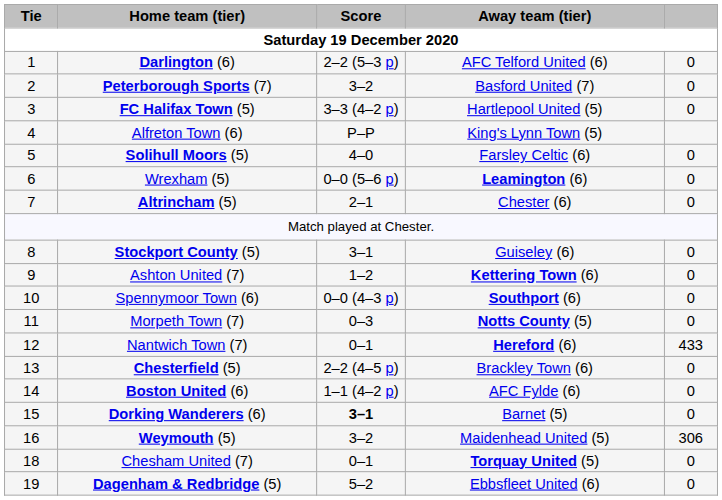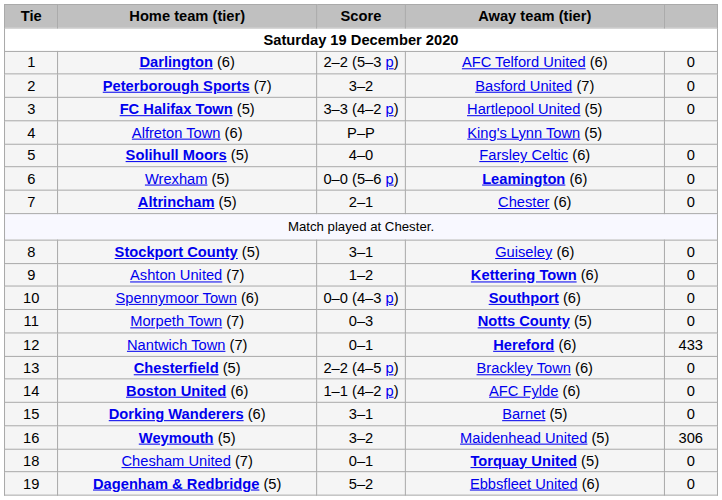 <table class="wikitable" style="width: 700px; background:WhiteSmoke; text-align:center; font-size:90%">
 <tr>
 <td scope="col" style="width:  7.50%; background:silver;"><strong>Tie</strong></td>
 <td scope="col" style="width: 36.25%; background:silver;"><strong>Home team (tier)</strong></td>
 <td scope="col" style="width: 12.50%; background:silver;"><strong>Score</strong></td>
 <td scope="col" style="width: 36.25%; background:silver;"><strong>Away team (tier)</strong></td>
 <td scope="col" style="width:  7.50%; background:silver;"><strong></strong></td>
 </tr>
 <tr>
 <td colspan="5" style= background:White><strong>Saturday 19 December 2020</strong></td>
 </tr>
 <tr>
 <td>1</td>
 <td><strong><a href='#'>Darlington</a></strong> (6)</td>
 <td>2–2 (5–3 <a href='#'>p</a>)</td>
 <td><a href='#'>AFC Telford United</a> (6)</td>
 <td>0</td>
 </tr>
 <tr>
 <td>2</td>
 <td><strong><a href='#'>Peterborough Sports</a></strong> (7)</td>
 <td>3–2</td>
 <td><a href='#'>Basford United</a> (7)</td>
 <td>0</td>
 </tr>
 <tr>
 <td>3</td>
 <td><strong><a href='#'>FC Halifax Town</a></strong> (5)</td>
 <td>3–3 (4–2 <a href='#'>p</a>)</td>
 <td><a href='#'>Hartlepool United</a> (5)</td>
 <td>0</td>
 </tr>
 <tr>
 <td>4</td>
 <td><a href='#'>Alfreton Town</a> (6)</td>
 <td>P–P</td>
 <td><a href='#'>King's Lynn Town</a> (5)</td>
 <td></td>
 </tr>
 <tr>
 <td>5</td>
 <td><strong><a href='#'>Solihull Moors</a></strong> (5)</td>
 <td>4–0</td>
 <td><a href='#'>Farsley Celtic</a> (6)</td>
 <td>0</td>
 </tr>
 <tr>
 <td>6</td>
 <td><a href='#'>Wrexham</a> (5)</td>
 <td>0–0 (5–6 <a href='#'>p</a>)</td>
 <td><strong><a href='#'>Leamington</a></strong> (6)</td>
 <td>0</td>
 </tr>
 <tr>
 <td>7</td>
 <td><strong><a href='#'>Altrincham</a></strong> (5)</td>
 <td>2–1</td>
 <td><a href='#'>Chester</a> (6)</td>
 <td>0</td>
 </tr>
 <tr>
 <td colspan="5" style="background:GhostWhite; height:20px; text-align:center; font-size:90%">Match played at Chester.</td>
 </tr>
 <tr>
 <td>8</td>
 <td><strong><a href='#'>Stockport County</a></strong> (5)</td>
 <td>3–1</td>
 <td><a href='#'>Guiseley</a> (6)</td>
 <td>0</td>
 </tr>
 <tr>
 <td>9</td>
 <td><a href='#'>Ashton United</a> (7)</td>
 <td>1–2</td>
 <td><strong><a href='#'>Kettering Town</a></strong> (6)</td>
 <td>0</td>
 </tr>
 <tr>
 <td>10</td>
 <td><a href='#'>Spennymoor Town</a> (6)</td>
 <td>0–0 (4–3 <a href='#'>p</a>)</td>
 <td><strong><a href='#'>Southport</a></strong> (6)</td>
 <td>0</td>
 </tr>
 <tr>
 <td>11</td>
 <td><a href='#'>Morpeth Town</a> (7)</td>
 <td>0–3</td>
 <td><strong><a href='#'>Notts County</a></strong> (5)</td>
 <td>0</td>
 </tr>
 <tr>
 <td>12</td>
 <td><a href='#'>Nantwich Town</a> (7)</td>
 <td>0–1</td>
 <td><strong><a href='#'>Hereford</a></strong> (6)</td>
 <td>433</td>
 </tr>
 <tr>
 <td>13</td>
 <td><strong><a href='#'>Chesterfield</a></strong> (5)</td>
 <td>2–2 (4–5 <a href='#'>p</a>)</td>
 <td><a href='#'>Brackley Town</a> (6)</td>
 <td>0</td>
 </tr>
 <tr>
 <td>14</td>
 <td><strong><a href='#'>Boston United</a></strong> (6)</td>
 <td>1–1 (4–2 <a href='#'>p</a>)</td>
 <td><a href='#'>AFC Fylde</a> (6)</td>
 <td>0</td>
 </tr>
 <tr>
 <td>15</td>
 <td><strong><a href='#'>Dorking Wanderers</a></strong> (6)</td>
-<td><strong>3–1</strong></td>
+<td>3–1</td>
 <td><a href='#'>Barnet</a> (5)</td>
 <td>0</td>
 </tr>
 <tr>
 <td>16</td>
 <td><strong><a href='#'>Weymouth</a></strong> (5)</td>
 <td>3–2</td>
 <td><a href='#'>Maidenhead United</a> (5)</td>
 <td>306</td>
 </tr>
 <tr>
 <td>18</td>
 <td><a href='#'>Chesham United</a> (7)</td>
 <td>0–1</td>
 <td><strong><a href='#'>Torquay United</a></strong> (5)</td>
 <td>0</td>
 </tr>
 <tr>
 <td>19</td>
 <td><strong><a href='#'>Dagenham & Redbridge</a></strong> (5)</td>
 <td>5–2</td>
 <td><a href='#'>Ebbsfleet United</a> (6)</td>
 <td>0</td>
 </tr>
 </table>
